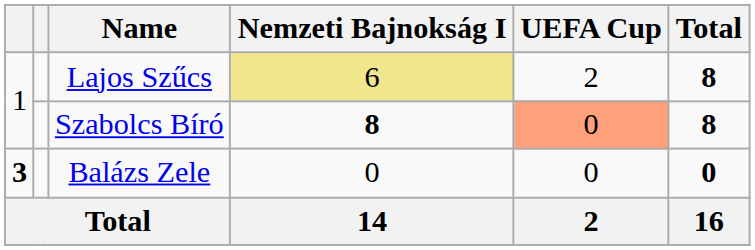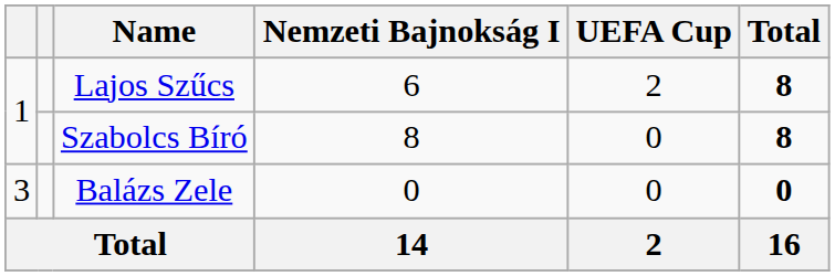 <table class="wikitable" style="text-align:center;">
 <tr>
 <th></th>
 <th></th>
 <th>Name</th>
 <th>Nemzeti Bajnokság I</th>
 <th>UEFA Cup</th>
 <th>Total</th>
 </tr>
 <tr>
 <td rowspan="2">1</td>
 <td align="left"></td>
 <td><a href='#'>Lajos Szűcs</a></td>
-<td style="background: khaki;">6</td>
+<td>6</td>
 <td>2</td>
 <td><strong>8</strong></td>
 </tr>
 <tr>
 <td></td>
 <td><a href='#'>Szabolcs Bíró</a></td>
-<td><strong>8</strong></td>
-<td style="background: lightsalmon;">0</td>
+<td>8</td>
+<td>0</td>
 <td><strong>8</strong></td>
 </tr>
 <tr>
-<td><strong>3</strong></td>
+<td>3</td>
 <td></td>
 <td><a href='#'>Balázs Zele</a></td>
 <td>0</td>
 <td>0</td>
 <td><strong>0</strong></td>
 </tr>
 <tr>
 <th colspan="3">Total</th>
 <th>14</th>
 <th>2</th>
 <th>16</th>
 </tr>
 </table>
